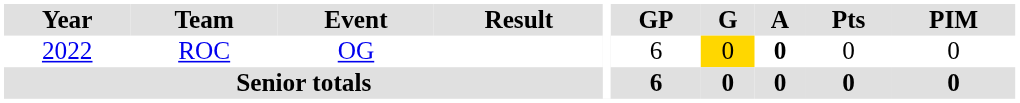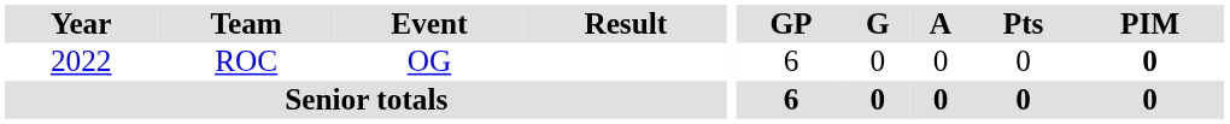 <table border="0" cellpadding="1" cellspacing="0" ID="Table3" style="text-align:center; width:40em">
 <tr ALIGN="center" bgcolor="#e0e0e0">
 <th>Year</th>
 <th>Team</th>
 <th>Event</th>
 <th>Result</th>
 <th rowspan="99" bgcolor="#ffffff"></th>
 <th>GP</th>
 <th>G</th>
 <th>A</th>
 <th>Pts</th>
 <th>PIM</th>
 </tr>
 <tr>
 <td><a href='#'>2022</a></td>
 <td><a href='#'>ROC</a></td>
 <td><a href='#'>OG</a></td>
 <td></td>
 <td>6</td>
-<td style="background: gold;">0</td>
-<td><strong>0</strong></td>
 <td>0</td>
 <td>0</td>
+<td>0</td>
+<td><strong>0</strong></td>
 </tr>
 <tr bgcolor="#e0e0e0">
 <th colspan="4">Senior totals</th>
 <th>6</th>
 <th>0</th>
 <th>0</th>
 <th>0</th>
 <th>0</th>
 </tr>
 </table>
